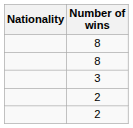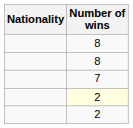 <table class="wikitable">
 <tr>
 <th>Nationality</th>
 <th>Number of<br>wins</th>
 </tr>
 <tr>
 <td></td>
 <td align=center>8</td>
 </tr>
 <tr>
 <td></td>
 <td align=center>8</td>
 </tr>
 <tr>
 <td></td>
-<td align = center>3</td>
+<td align = center>7</td>
 </tr>
 <tr>
 <td></td>
-<td align=center>2</td>
+<td align=center style="background: lightyellow;">2</td>
 </tr>
 <tr>
 <td></td>
 <td align = center>2</td>
 </tr>
 </table>
